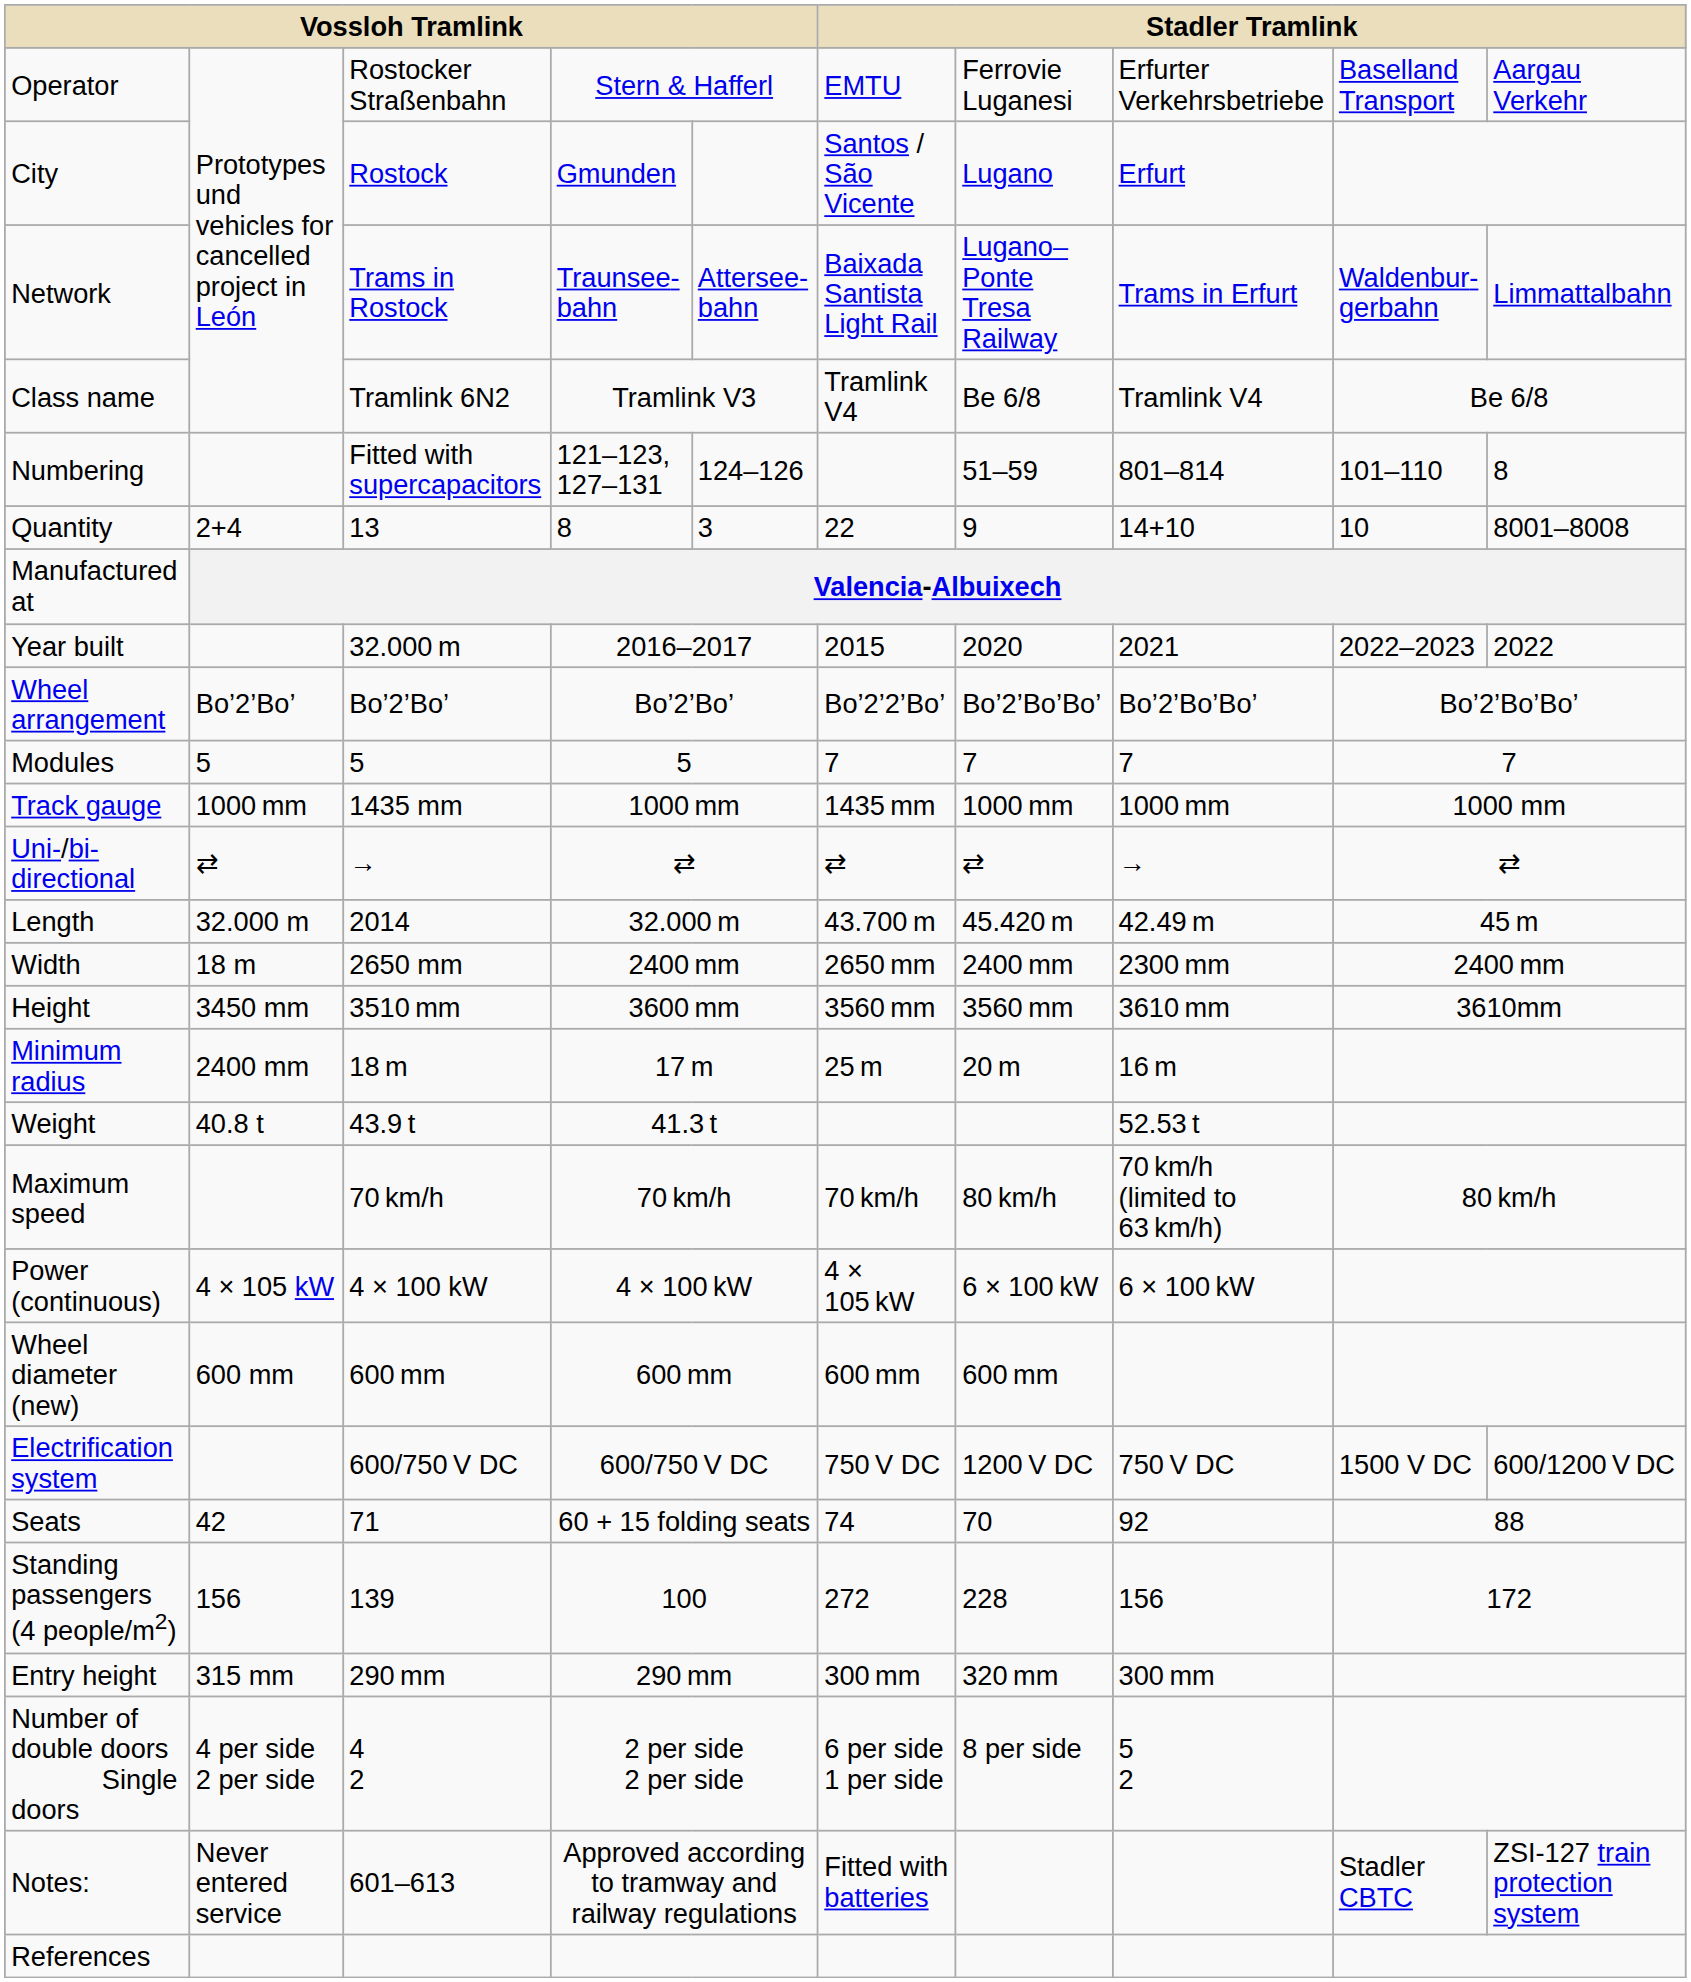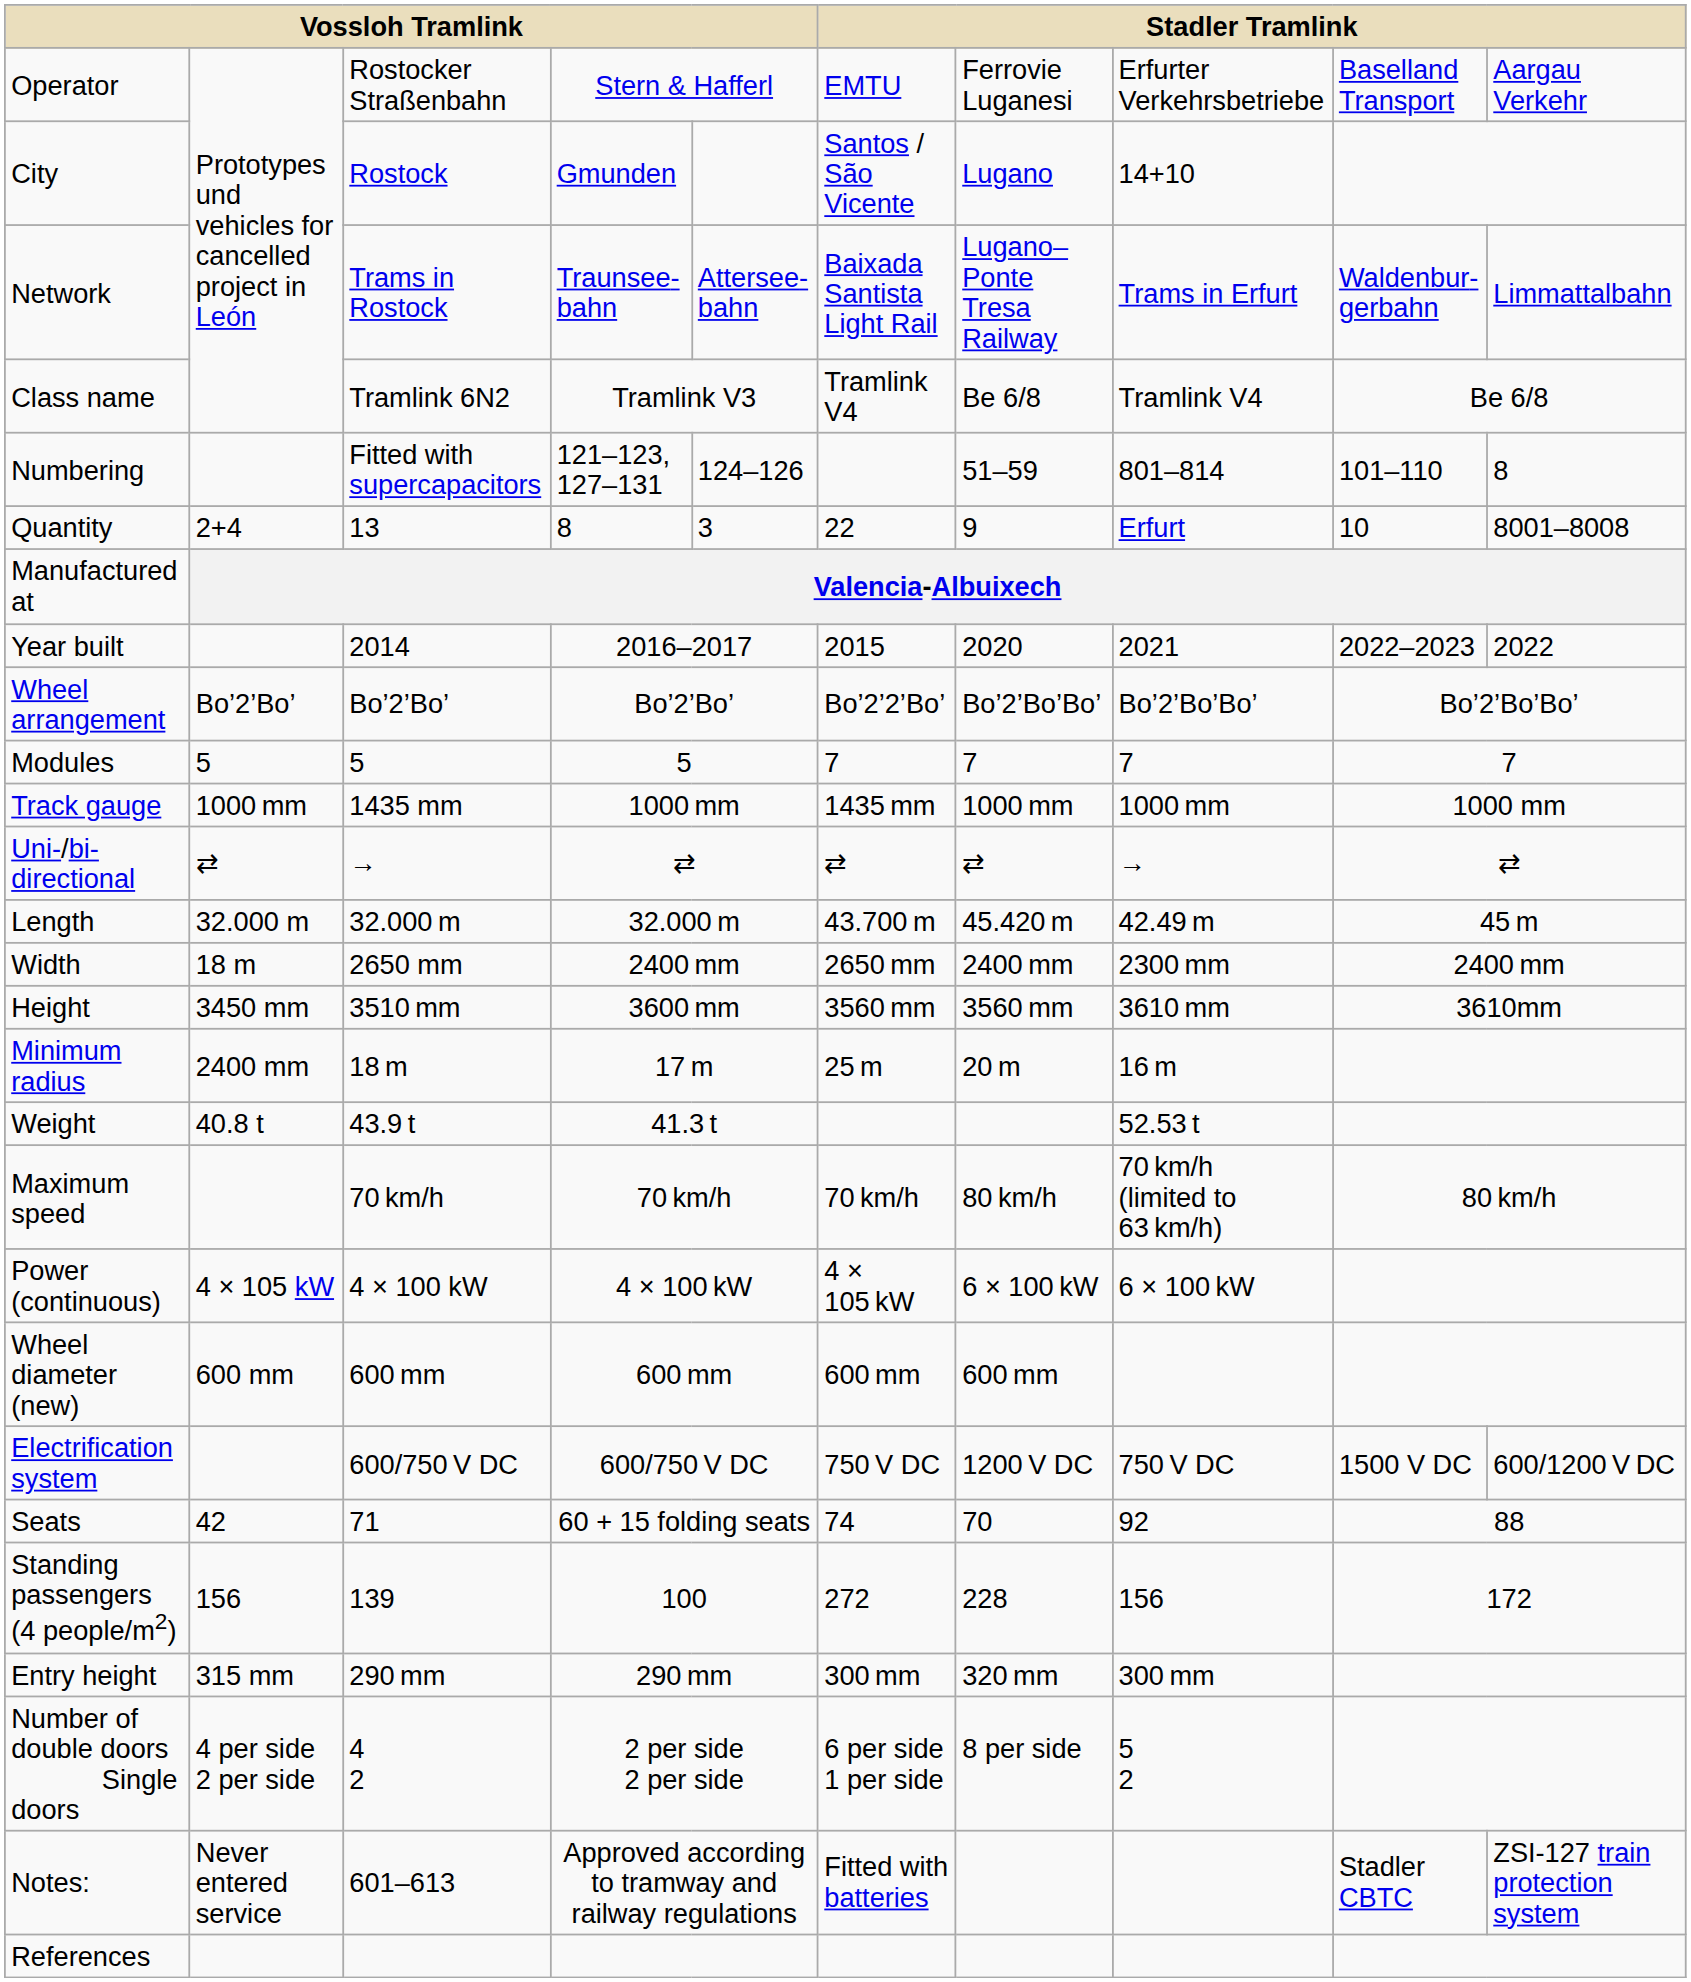 <table class="wikitable right" style="clear:right; font-size:95%; width:940px;">
 <tr>
 <th colspan="5" style="color:#000000; background:#EADEBD;">Vossloh Tramlink</th>
 <th colspan="5" style="color:#000000; background:#EADEBD;">Stadler Tramlink</th>
 </tr>
 <tr>
 <td>Operator</td>
 <td rowspan="4">Prototypes und vehicles for cancelled project in <a href='#'>León</a></td>
 <td>Rostocker Straßenbahn</td>
 <td colspan="2" style="text-align:center"><a href='#'>Stern & Hafferl</a></td>
 <td><a href='#'>EMTU</a></td>
 <td>Ferrovie Luganesi</td>
 <td>Erfurter Verkehrsbetriebe</td>
 <td><a href='#'>Baselland Transport</a></td>
 <td><a href='#'>Aargau Verkehr</a></td>
 </tr>
 <tr>
 <td>City</td>
 <td><a href='#'>Rostock</a></td>
 <td><a href='#'>Gmunden</a></td>
 <td></td>
 <td><a href='#'>Santos</a> / <a href='#'>São Vicente</a></td>
 <td><a href='#'>Lugano</a></td>
-<td><a href='#'>Erfurt</a></td>
+<td>14+10</td>
 <td colspan="2" style="text-align:center"></td>
 </tr>
 <tr>
 <td>Network</td>
 <td><a href='#'>Trams in  Rostock</a></td>
 <td><a href='#'>Traunsee­bahn</a></td>
 <td><a href='#'>Attersee­bahn</a></td>
 <td><a href='#'>Baixada Santista Light Rail</a></td>
 <td><a href='#'>Lugano–Ponte Tresa Railway</a></td>
 <td><a href='#'>Trams in Erfurt</a></td>
 <td><a href='#'>Waldenbur­gerbahn</a></td>
 <td><a href='#'>Limmattal­bahn</a></td>
 </tr>
 <tr>
 <td>Class name</td>
 <td>Tramlink 6N2</td>
 <td colspan="2" style="text-align:center">Tramlink V3</td>
 <td>Tramlink V4</td>
 <td>Be 6/8</td>
 <td>Tramlink V4</td>
 <td colspan="2" style="text-align:center">Be 6/8</td>
 </tr>
 <tr>
 <td>Numbering</td>
 <td></td>
 <td>Fitted with <a href='#'>supercapacitors</a></td>
 <td>121–123, 127–131</td>
 <td>124–126</td>
 <td></td>
 <td>51–59</td>
 <td>801–814</td>
 <td>101–110</td>
 <td>8</td>
 </tr>
 <tr>
 <td>Quantity</td>
 <td>2+4</td>
 <td>13</td>
 <td>8</td>
 <td>3</td>
 <td>22</td>
 <td>9</td>
-<td>14+10</td>
+<td><a href='#'>Erfurt</a></td>
 <td>10</td>
 <td>8001–8008</td>
 </tr>
 <tr>
 <td>Manufactured at</td>
 <th colspan="9"><a href='#'>Valencia</a>-<a href='#'>Albuixech</a></th>
 </tr>
 <tr>
 <td>Year built</td>
 <td></td>
-<td>32.000 m</td>
+<td>2014</td>
 <td colspan="2" style="text-align:center">2016–2017</td>
 <td>2015</td>
 <td>2020</td>
 <td>2021</td>
 <td>2022–2023</td>
 <td>2022</td>
 </tr>
 <tr>
 <td><a href='#'>Wheel arrangement</a></td>
 <td>Bo’2’Bo’</td>
 <td>Bo’2’Bo’</td>
 <td colspan="2" style="text-align:center">Bo’2’Bo’</td>
 <td>Bo’2’2’Bo’</td>
 <td>Bo’2’Bo’Bo’</td>
 <td>Bo’2’Bo’Bo’</td>
 <td colspan="2" style="text-align:center">Bo’2’Bo’Bo’</td>
 </tr>
 <tr>
 <td>Modules</td>
 <td>5</td>
 <td>5</td>
 <td colspan="2" style="text-align:center">5</td>
 <td>7</td>
 <td>7</td>
 <td>7</td>
 <td colspan="2" style="text-align:center">7</td>
 </tr>
 <tr>
 <td><a href='#'>Track gauge</a></td>
 <td>1000 mm</td>
 <td>1435 mm</td>
 <td colspan="2" style="text-align:center">1000 mm</td>
 <td>1435 mm</td>
 <td>1000 mm</td>
 <td>1000 mm</td>
 <td colspan="2" style="text-align:center">1000 mm</td>
 </tr>
 <tr>
 <td><a href='#'>Uni-</a>/<a href='#'>bi-directional</a></td>
 <td>⇄</td>
 <td>→</td>
 <td colspan="2" style="text-align:center">⇄</td>
 <td>⇄</td>
 <td>⇄</td>
 <td>→</td>
 <td colspan="2" style="text-align:center">⇄</td>
 </tr>
 <tr>
 <td>Length</td>
 <td>32.000 m</td>
-<td>2014</td>
+<td>32.000 m</td>
 <td colspan="2" style="text-align:center">32.000 m</td>
 <td>43.700 m</td>
 <td>45.420 m</td>
 <td>42.49 m</td>
 <td colspan="2" style="text-align:center">45 m</td>
 </tr>
 <tr>
 <td>Width</td>
 <td>18 m</td>
 <td>2650 mm</td>
 <td colspan="2" style="text-align:center">2400 mm</td>
 <td>2650 mm</td>
 <td>2400 mm</td>
 <td>2300 mm</td>
 <td colspan="2" style="text-align:center">2400 mm</td>
 </tr>
 <tr>
 <td>Height</td>
 <td>3450 mm</td>
 <td>3510 mm</td>
 <td colspan="2" style="text-align:center">3600 mm</td>
 <td>3560 mm</td>
 <td>3560 mm</td>
 <td>3610 mm</td>
 <td colspan="2" style="text-align:center">3610mm</td>
 </tr>
 <tr>
 <td><a href='#'>Minimum radius</a></td>
 <td>2400 mm</td>
 <td>18 m</td>
 <td colspan="2" style="text-align:center">17 m</td>
 <td>25 m</td>
 <td>20 m</td>
 <td>16 m</td>
 <td colspan="2" style="text-align:center"></td>
 </tr>
 <tr>
 <td>Weight</td>
 <td>40.8 t</td>
 <td>43.9 t</td>
 <td colspan="2" style="text-align:center">41.3 t</td>
 <td></td>
 <td></td>
 <td>52.53 t</td>
 <td colspan="2" style="text-align:center"></td>
 </tr>
 <tr>
 <td>Maximum speed</td>
 <td></td>
 <td>70 km/h</td>
 <td colspan="2" style="text-align:center">70 km/h</td>
 <td>70 km/h</td>
 <td>80 km/h</td>
 <td>70 km/h<br>(limited to 63 km/h)</td>
 <td colspan="2" style="text-align:center">80 km/h</td>
 </tr>
 <tr>
 <td>Power (continuous)</td>
 <td>4 × 105 <a href='#'>kW</a></td>
 <td>4 × 100 kW</td>
 <td colspan="2" style="text-align:center">4 × 100 kW</td>
 <td>4 × 105 kW</td>
 <td>6 × 100 kW</td>
 <td>6 × 100 kW</td>
 <td colspan="2" style="text-align:center"></td>
 </tr>
 <tr>
 <td>Wheel diameter (new)</td>
 <td>600 mm</td>
 <td>600 mm</td>
 <td colspan="2" style="text-align:center">600 mm</td>
 <td>600 mm</td>
 <td>600 mm</td>
 <td></td>
 <td colspan="2" style="text-align:center"></td>
 </tr>
 <tr>
 <td><a href='#'>Electrification system</a></td>
 <td></td>
 <td>600/750 V DC</td>
 <td colspan="2" style="text-align:center">600/750 V DC</td>
 <td>750 V DC</td>
 <td>1200 V DC</td>
 <td>750 V DC</td>
 <td>1500 V DC</td>
 <td>600/1200 V DC</td>
 </tr>
 <tr>
 <td>Seats</td>
 <td>42</td>
 <td>71</td>
 <td colspan="2" style="text-align:center">60 + 15 folding seats</td>
 <td>74</td>
 <td>70</td>
 <td>92</td>
 <td colspan="2" style="text-align:center">88</td>
 </tr>
 <tr>
 <td>Standing passengers (4 people/m<sup>2</sup>)</td>
 <td>156</td>
 <td>139</td>
 <td colspan="2" style="text-align:center">100</td>
 <td>272</td>
 <td>228</td>
 <td>156</td>
 <td colspan="2" style="text-align:center">172</td>
 </tr>
 <tr>
 <td>Entry height</td>
 <td>315 mm</td>
 <td>290 mm</td>
 <td colspan="2" style="text-align:center">290 mm</td>
 <td>300 mm</td>
 <td>320 mm</td>
 <td>300 mm</td>
 <td colspan="2" style="text-align:center"></td>
 </tr>
 <tr>
 <td>Number of double doors<br>            Single doors</td>
 <td>4 per side<br>2 per side</td>
 <td>4<br>2</td>
 <td colspan="2" style="text-align:center">2 per side<br>2 per side</td>
 <td>6 per side<br>1 per side</td>
 <td>8 per side<br> </td>
 <td>5<br>2</td>
 <td colspan="2" style="text-align:center"></td>
 </tr>
 <tr>
 <td>Notes:</td>
 <td>Never entered service</td>
 <td>601–613</td>
 <td colspan="2" style="text-align:center">Approved according to tramway and railway regulations</td>
 <td>Fitted with <a href='#'>batteries</a></td>
 <td></td>
 <td></td>
 <td>Stadler <a href='#'>CBTC</a></td>
 <td>ZSI-127 <a href='#'>train protection system</a></td>
 </tr>
 <tr>
 <td>References</td>
 <td></td>
 <td></td>
 <td colspan="2"></td>
 <td></td>
 <td></td>
 <td></td>
 <td colspan="2"></td>
 </tr>
 </table>
